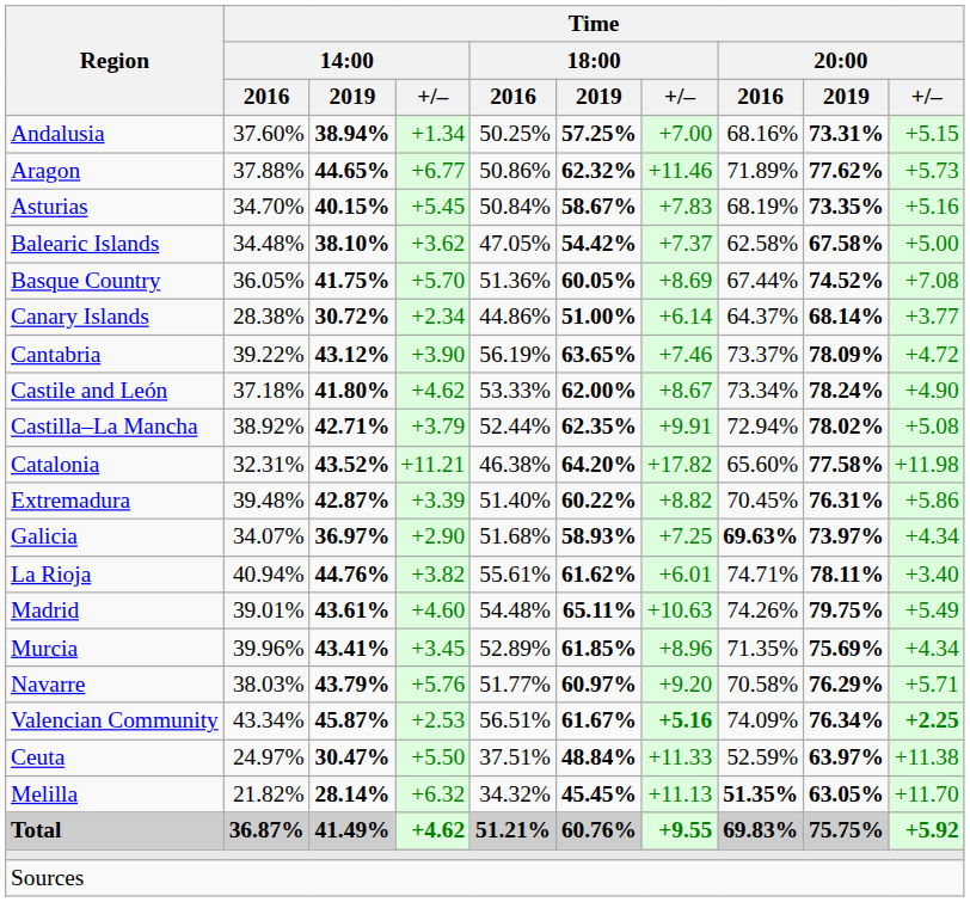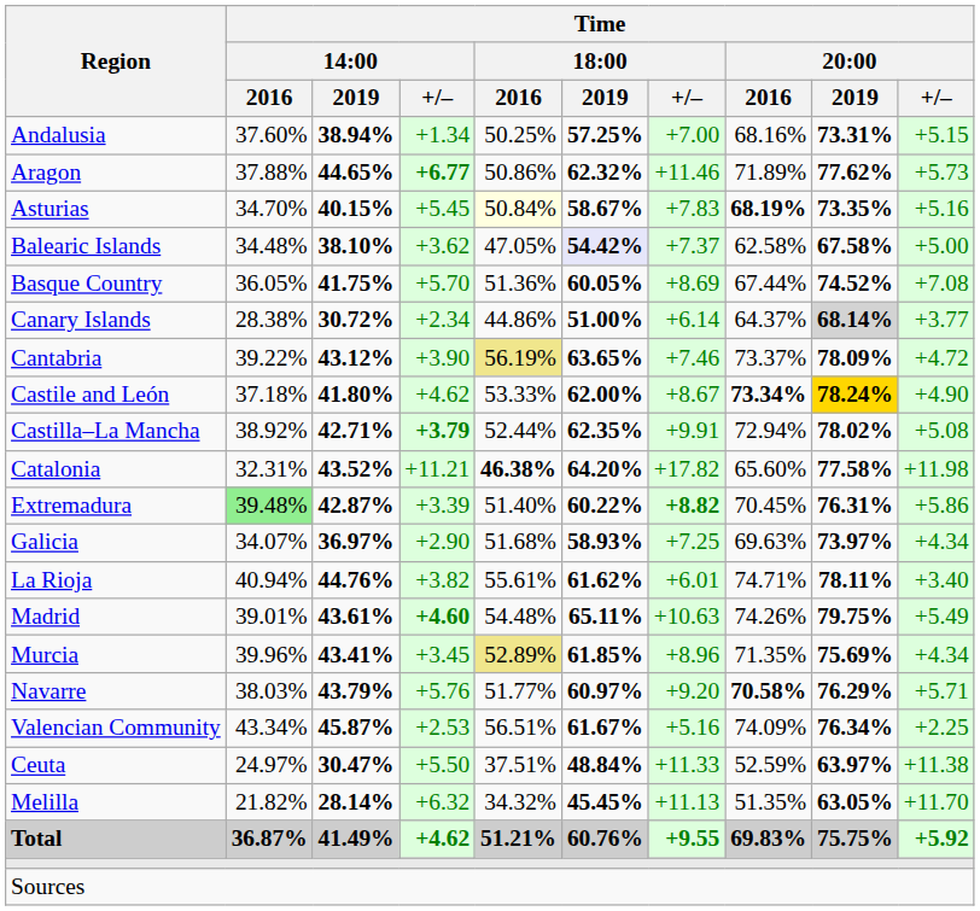 <table class="wikitable sortable" style="text-align:right;">
 <tr>
 <th rowspan="3">Region</th>
 <th colspan="9">Time</th>
 </tr>
 <tr>
 <th colspan="3">14:00</th>
 <th colspan="3">18:00</th>
 <th colspan="3">20:00</th>
 </tr>
 <tr>
 <th>2016</th>
 <th>2019</th>
 <th>+/–</th>
 <th>2016</th>
 <th>2019</th>
 <th>+/–</th>
 <th>2016</th>
 <th>2019</th>
 <th>+/–</th>
 </tr>
 <tr>
 <td align="left"><a href='#'>Andalusia</a></td>
 <td>37.60%</td>
 <td><strong>38.94%</strong></td>
 <td style="background:#DDFFDD; color:green;">+1.34</td>
 <td>50.25%</td>
 <td><strong>57.25%</strong></td>
 <td style="background:#DDFFDD; color:green;">+7.00</td>
 <td>68.16%</td>
 <td><strong>73.31%</strong></td>
 <td style="background:#DDFFDD; color:green;">+5.15</td>
 </tr>
 <tr>
 <td align="left"><a href='#'>Aragon</a></td>
 <td>37.88%</td>
 <td><strong>44.65%</strong></td>
-<td style="background:#DDFFDD; color:green;">+6.77</td>
+<td style="background:#DDFFDD; color:green;"><strong>+6.77</strong></td>
 <td>50.86%</td>
 <td><strong>62.32%</strong></td>
 <td style="background:#DDFFDD; color:green;">+11.46</td>
 <td>71.89%</td>
 <td><strong>77.62%</strong></td>
 <td style="background:#DDFFDD; color:green;">+5.73</td>
 </tr>
 <tr>
 <td align="left"><a href='#'>Asturias</a></td>
 <td>34.70%</td>
 <td><strong>40.15%</strong></td>
 <td style="background:#DDFFDD; color:green;">+5.45</td>
-<td>50.84%</td>
+<td style="background: lightyellow;">50.84%</td>
 <td><strong>58.67%</strong></td>
 <td style="background:#DDFFDD; color:green;">+7.83</td>
-<td>68.19%</td>
+<td><strong>68.19%</strong></td>
 <td><strong>73.35%</strong></td>
 <td style="background:#DDFFDD; color:green;">+5.16</td>
 </tr>
 <tr>
 <td align="left"><a href='#'>Balearic Islands</a></td>
 <td>34.48%</td>
 <td><strong>38.10%</strong></td>
 <td style="background:#DDFFDD; color:green;">+3.62</td>
 <td>47.05%</td>
-<td><strong>54.42%</strong></td>
+<td style="background: lavender;"><strong>54.42%</strong></td>
 <td style="background:#DDFFDD; color:green;">+7.37</td>
 <td>62.58%</td>
 <td><strong>67.58%</strong></td>
 <td style="background:#DDFFDD; color:green;">+5.00</td>
 </tr>
 <tr>
 <td align="left"><a href='#'>Basque Country</a></td>
 <td>36.05%</td>
 <td><strong>41.75%</strong></td>
 <td style="background:#DDFFDD; color:green;">+5.70</td>
 <td>51.36%</td>
 <td><strong>60.05%</strong></td>
 <td style="background:#DDFFDD; color:green;">+8.69</td>
 <td>67.44%</td>
 <td><strong>74.52%</strong></td>
 <td style="background:#DDFFDD; color:green;">+7.08</td>
 </tr>
 <tr>
 <td align="left"><a href='#'>Canary Islands</a></td>
 <td>28.38%</td>
 <td><strong>30.72%</strong></td>
 <td style="background:#DDFFDD; color:green;">+2.34</td>
 <td>44.86%</td>
 <td><strong>51.00%</strong></td>
 <td style="background:#DDFFDD; color:green;">+6.14</td>
 <td>64.37%</td>
-<td><strong>68.14%</strong></td>
+<td style="background: lightgrey;"><strong>68.14%</strong></td>
 <td style="background:#DDFFDD; color:green;">+3.77</td>
 </tr>
 <tr>
 <td align="left"><a href='#'>Cantabria</a></td>
 <td>39.22%</td>
 <td><strong>43.12%</strong></td>
 <td style="background:#DDFFDD; color:green;">+3.90</td>
-<td>56.19%</td>
+<td style="background: khaki;">56.19%</td>
 <td><strong>63.65%</strong></td>
 <td style="background:#DDFFDD; color:green;">+7.46</td>
 <td>73.37%</td>
 <td><strong>78.09%</strong></td>
 <td style="background:#DDFFDD; color:green;">+4.72</td>
 </tr>
 <tr>
 <td align="left"><a href='#'>Castile and León</a></td>
 <td>37.18%</td>
 <td><strong>41.80%</strong></td>
 <td style="background:#DDFFDD; color:green;">+4.62</td>
 <td>53.33%</td>
 <td><strong>62.00%</strong></td>
 <td style="background:#DDFFDD; color:green;">+8.67</td>
-<td>73.34%</td>
-<td><strong>78.24%</strong></td>
+<td><strong>73.34%</strong></td>
+<td style="background: gold;"><strong>78.24%</strong></td>
 <td style="background:#DDFFDD; color:green;">+4.90</td>
 </tr>
 <tr>
 <td align="left"><a href='#'>Castilla–La Mancha</a></td>
 <td>38.92%</td>
 <td><strong>42.71%</strong></td>
-<td style="background:#DDFFDD; color:green;">+3.79</td>
+<td style="background:#DDFFDD; color:green;"><strong>+3.79</strong></td>
 <td>52.44%</td>
 <td><strong>62.35%</strong></td>
 <td style="background:#DDFFDD; color:green;">+9.91</td>
 <td>72.94%</td>
 <td><strong>78.02%</strong></td>
 <td style="background:#DDFFDD; color:green;">+5.08</td>
 </tr>
 <tr>
 <td align="left"><a href='#'>Catalonia</a></td>
 <td>32.31%</td>
 <td><strong>43.52%</strong></td>
 <td style="background:#DDFFDD; color:green;">+11.21</td>
-<td>46.38%</td>
+<td><strong>46.38%</strong></td>
 <td><strong>64.20%</strong></td>
 <td style="background:#DDFFDD; color:green;">+17.82</td>
 <td>65.60%</td>
 <td><strong>77.58%</strong></td>
 <td style="background:#DDFFDD; color:green;">+11.98</td>
 </tr>
 <tr>
 <td align="left"><a href='#'>Extremadura</a></td>
-<td>39.48%</td>
+<td style="background: lightgreen;">39.48%</td>
 <td><strong>42.87%</strong></td>
 <td style="background:#DDFFDD; color:green;">+3.39</td>
 <td>51.40%</td>
 <td><strong>60.22%</strong></td>
-<td style="background:#DDFFDD; color:green;">+8.82</td>
+<td style="background:#DDFFDD; color:green;"><strong>+8.82</strong></td>
 <td>70.45%</td>
 <td><strong>76.31%</strong></td>
 <td style="background:#DDFFDD; color:green;">+5.86</td>
 </tr>
 <tr>
 <td align="left"><a href='#'>Galicia</a></td>
 <td>34.07%</td>
 <td><strong>36.97%</strong></td>
 <td style="background:#DDFFDD; color:green;">+2.90</td>
 <td>51.68%</td>
 <td><strong>58.93%</strong></td>
 <td style="background:#DDFFDD; color:green;">+7.25</td>
-<td><strong>69.63%</strong></td>
+<td>69.63%</td>
 <td><strong>73.97%</strong></td>
 <td style="background:#DDFFDD; color:green;">+4.34</td>
 </tr>
 <tr>
 <td align="left"><a href='#'>La Rioja</a></td>
 <td>40.94%</td>
 <td><strong>44.76%</strong></td>
 <td style="background:#DDFFDD; color:green;">+3.82</td>
 <td>55.61%</td>
 <td><strong>61.62%</strong></td>
 <td style="background:#DDFFDD; color:green;">+6.01</td>
 <td>74.71%</td>
 <td><strong>78.11%</strong></td>
 <td style="background:#DDFFDD; color:green;">+3.40</td>
 </tr>
 <tr>
 <td align="left"><a href='#'>Madrid</a></td>
 <td>39.01%</td>
 <td><strong>43.61%</strong></td>
-<td style="background:#DDFFDD; color:green;">+4.60</td>
+<td style="background:#DDFFDD; color:green;"><strong>+4.60</strong></td>
 <td>54.48%</td>
 <td><strong>65.11%</strong></td>
 <td style="background:#DDFFDD; color:green;">+10.63</td>
 <td>74.26%</td>
 <td><strong>79.75%</strong></td>
 <td style="background:#DDFFDD; color:green;">+5.49</td>
 </tr>
 <tr>
 <td align="left"><a href='#'>Murcia</a></td>
 <td>39.96%</td>
 <td><strong>43.41%</strong></td>
 <td style="background:#DDFFDD; color:green;">+3.45</td>
-<td>52.89%</td>
+<td style="background: khaki;">52.89%</td>
 <td><strong>61.85%</strong></td>
 <td style="background:#DDFFDD; color:green;">+8.96</td>
 <td>71.35%</td>
 <td><strong>75.69%</strong></td>
 <td style="background:#DDFFDD; color:green;">+4.34</td>
 </tr>
 <tr>
 <td align="left"><a href='#'>Navarre</a></td>
 <td>38.03%</td>
 <td><strong>43.79%</strong></td>
 <td style="background:#DDFFDD; color:green;">+5.76</td>
 <td>51.77%</td>
 <td><strong>60.97%</strong></td>
 <td style="background:#DDFFDD; color:green;">+9.20</td>
-<td>70.58%</td>
+<td><strong>70.58%</strong></td>
 <td><strong>76.29%</strong></td>
 <td style="background:#DDFFDD; color:green;">+5.71</td>
 </tr>
 <tr>
 <td align="left"><a href='#'>Valencian Community</a></td>
 <td>43.34%</td>
 <td><strong>45.87%</strong></td>
 <td style="background:#DDFFDD; color:green;">+2.53</td>
 <td>56.51%</td>
 <td><strong>61.67%</strong></td>
-<td style="background:#DDFFDD; color:green;"><strong>+5.16</strong></td>
+<td style="background:#DDFFDD; color:green;">+5.16</td>
 <td>74.09%</td>
 <td><strong>76.34%</strong></td>
-<td style="background:#DDFFDD; color:green;"><strong>+2.25</strong></td>
+<td style="background:#DDFFDD; color:green;">+2.25</td>
 </tr>
 <tr>
 <td align="left"><a href='#'>Ceuta</a></td>
 <td>24.97%</td>
 <td><strong>30.47%</strong></td>
 <td style="background:#DDFFDD; color:green;">+5.50</td>
 <td>37.51%</td>
 <td><strong>48.84%</strong></td>
 <td style="background:#DDFFDD; color:green;">+11.33</td>
 <td>52.59%</td>
 <td><strong>63.97%</strong></td>
 <td style="background:#DDFFDD; color:green;">+11.38</td>
 </tr>
 <tr>
 <td align="left"><a href='#'>Melilla</a></td>
 <td>21.82%</td>
 <td><strong>28.14%</strong></td>
 <td style="background:#DDFFDD; color:green;">+6.32</td>
 <td>34.32%</td>
 <td><strong>45.45%</strong></td>
 <td style="background:#DDFFDD; color:green;">+11.13</td>
-<td><strong>51.35%</strong></td>
+<td>51.35%</td>
 <td><strong>63.05%</strong></td>
 <td style="background:#DDFFDD; color:green;">+11.70</td>
 </tr>
 <tr style="background:#CDCDCD;">
 <td align="left"><strong>Total</strong></td>
 <td><strong>36.87%</strong></td>
 <td><strong>41.49%</strong></td>
 <td style="background:#DDFFDD; color:green;"><strong>+4.62</strong></td>
 <td><strong>51.21%</strong></td>
 <td><strong>60.76%</strong></td>
 <td style="background:#DDFFDD; color:green;"><strong>+9.55</strong></td>
 <td><strong>69.83%</strong></td>
 <td><strong>75.75%</strong></td>
 <td style="background:#DDFFDD; color:green;"><strong>+5.92</strong></td>
 </tr>
 <tr>
 <td colspan="10" bgcolor="#E9E9E9"></td>
 </tr>
 <tr>
 <td align="left" colspan="10">Sources</td>
 </tr>
 </table>
